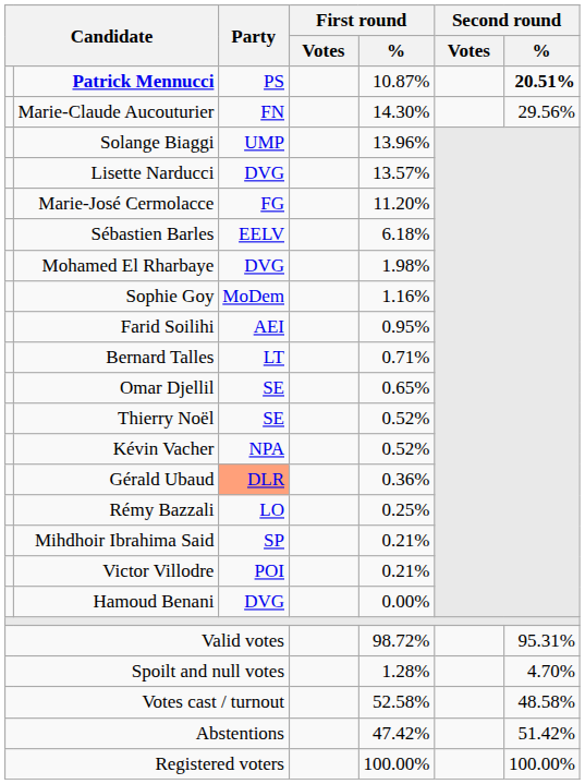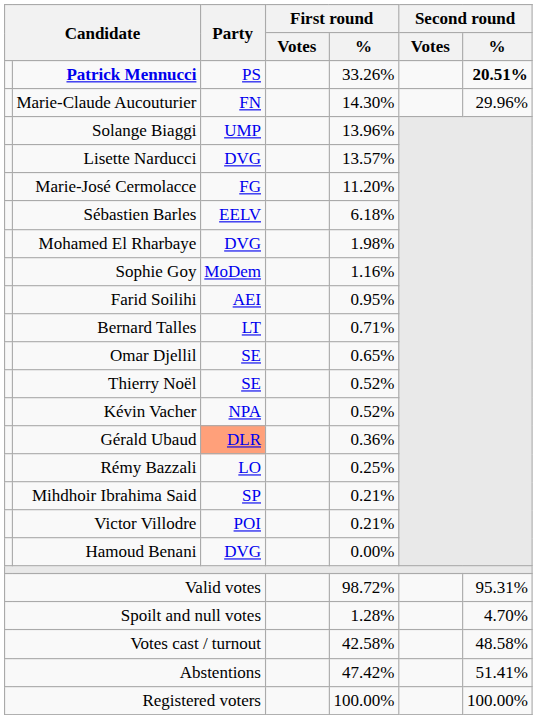 <table class="wikitable" style="text-align:right;font-size:95%;">
 <tr>
 <th rowspan=2 colspan=2>Candidate</th>
 <th rowspan=2 colspan=1>Party</th>
 <th colspan=2>First round</th>
 <th colspan=2>Second round</th>
 </tr>
 <tr>
 <th style="width:50px;">Votes</th>
 <th style="width:55px;">%</th>
 <th style="width:50px;">Votes</th>
 <th style="width:55px;">%</th>
 </tr>
 <tr>
 <td style="color:inherit;background-color:"></td>
 <td><strong><a href='#'>Patrick Mennucci</a></strong></td>
 <td><a href='#'>PS</a></td>
 <td></td>
-<td>10.87%</td>
+<td>33.26%</td>
 <td><strong></strong></td>
 <td><strong>20.51%</strong></td>
 </tr>
 <tr>
 <td style="color:inherit;background-color:"></td>
 <td>Marie-Claude Aucouturier</td>
 <td><a href='#'>FN</a></td>
 <td></td>
 <td>14.30%</td>
 <td></td>
-<td>29.56%</td>
+<td>29.96%</td>
 </tr>
 <tr>
 <td style="color:inherit;background-color:"></td>
 <td>Solange Biaggi</td>
 <td><a href='#'>UMP</a></td>
 <td></td>
 <td>13.96%</td>
 <td colspan=7 rowspan=16 style="background-color:#E9E9E9;"></td>
 </tr>
 <tr>
 <td style="color:inherit;background-color:"></td>
 <td>Lisette Narducci</td>
 <td><a href='#'>DVG</a></td>
 <td></td>
 <td>13.57%</td>
 </tr>
 <tr>
 <td style="color:inherit;background-color:"></td>
 <td>Marie-José Cermolacce</td>
 <td><a href='#'>FG</a></td>
 <td></td>
 <td>11.20%</td>
 </tr>
 <tr>
 <td style="color:inherit;background-color:"></td>
 <td>Sébastien Barles</td>
 <td><a href='#'>EELV</a></td>
 <td></td>
 <td>6.18%</td>
 </tr>
 <tr>
 <td style="color:inherit;background-color:"></td>
 <td>Mohamed El Rharbaye</td>
 <td><a href='#'>DVG</a></td>
 <td></td>
 <td>1.98%</td>
 </tr>
 <tr>
 <td style="color:inherit;background-color:"></td>
 <td>Sophie Goy</td>
 <td><a href='#'>MoDem</a></td>
 <td></td>
 <td>1.16%</td>
 </tr>
 <tr>
 <td style="color:inherit;background-color:"></td>
 <td>Farid Soilihi</td>
 <td><a href='#'>AEI</a></td>
 <td></td>
 <td>0.95%</td>
 </tr>
 <tr>
 <td style="color:inherit;background-color:"></td>
 <td>Bernard Talles</td>
 <td><a href='#'>LT</a></td>
 <td></td>
 <td>0.71%</td>
 </tr>
 <tr>
 <td style="color:inherit;background-color:"></td>
 <td>Omar Djellil</td>
 <td><a href='#'>SE</a></td>
 <td></td>
 <td>0.65%</td>
 </tr>
 <tr>
 <td style="color:inherit;background-color:"></td>
 <td>Thierry Noël</td>
 <td><a href='#'>SE</a></td>
 <td></td>
 <td>0.52%</td>
 </tr>
 <tr>
 <td style="color:inherit;background-color:"></td>
 <td>Kévin Vacher</td>
 <td><a href='#'>NPA</a></td>
 <td></td>
 <td>0.52%</td>
 </tr>
 <tr>
 <td style="color:inherit;background-color:"></td>
 <td>Gérald Ubaud</td>
 <td style="background: lightsalmon;"><a href='#'>DLR</a></td>
 <td></td>
 <td>0.36%</td>
 </tr>
 <tr>
 <td style="color:inherit;background-color:"></td>
 <td>Rémy Bazzali</td>
 <td><a href='#'>LO</a></td>
 <td></td>
 <td>0.25%</td>
 </tr>
 <tr>
 <td style="color:inherit;background-color:"></td>
 <td>Mihdhoir Ibrahima Said</td>
 <td><a href='#'>SP</a></td>
 <td></td>
 <td>0.21%</td>
 </tr>
 <tr>
 <td style="color:inherit;background-color:"></td>
 <td>Victor Villodre</td>
 <td><a href='#'>POI</a></td>
 <td></td>
 <td>0.21%</td>
 </tr>
 <tr>
 <td style="color:inherit;background-color:"></td>
 <td>Hamoud Benani</td>
 <td><a href='#'>DVG</a></td>
 <td></td>
 <td>0.00%</td>
 </tr>
 <tr>
 <td colspan=7 style="background-color:#E9E9E9;"></td>
 </tr>
 <tr>
 <td colspan=3>Valid votes</td>
 <td></td>
 <td>98.72%</td>
 <td></td>
 <td>95.31%</td>
 </tr>
 <tr>
 <td colspan=3>Spoilt and null votes</td>
 <td></td>
 <td>1.28%</td>
 <td></td>
 <td>4.70%</td>
 </tr>
 <tr>
 <td colspan=3>Votes cast / turnout</td>
 <td></td>
-<td>52.58%</td>
+<td>42.58%</td>
 <td></td>
 <td>48.58%</td>
 </tr>
 <tr>
 <td colspan=3>Abstentions</td>
 <td></td>
 <td>47.42%</td>
 <td></td>
-<td>51.42%</td>
+<td>51.41%</td>
 </tr>
 <tr>
 <td colspan=3>Registered voters</td>
 <td></td>
 <td>100.00%</td>
 <td></td>
 <td>100.00%</td>
 </tr>
 </table>
